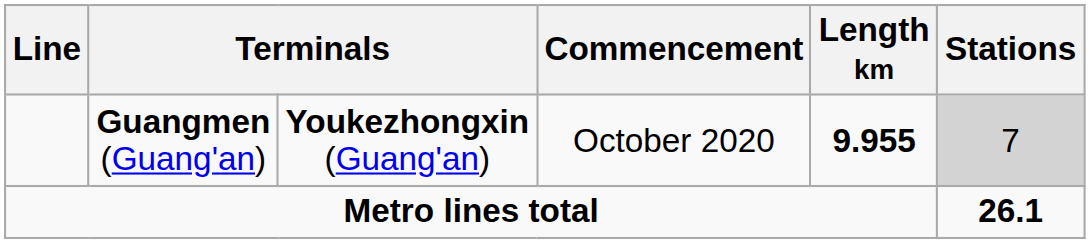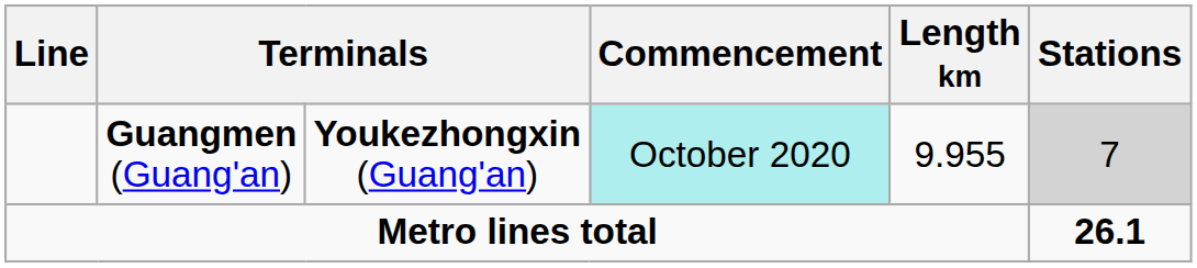 <table class="wikitable sortable">
 <tr>
 <th data-sort-type="text">Line</th>
 <th class="unsortable" colspan="2">Terminals</th>
 <th>Commencement</th>
 <th>Length<br><small>km</small></th>
 <th>Stations</th>
 </tr>
 <tr>
 <td style="text-align:center;"></td>
 <td style="text-align:center;"><strong>Guangmen</strong><br>(<a href='#'>Guang'an</a>)</td>
 <td style="text-align:center;"><strong>Youkezhongxin</strong><br>(<a href='#'>Guang'an</a>)</td>
-<td style="text-align:center;">October 2020</td>
-<td style="text-align:center;"><strong>9.955</strong></td>
+<td style="background: paleturquoise; text-align:center;">October 2020</td>
+<td style="text-align:center;">9.955</td>
 <td style="background: lightgrey; text-align:center;">7</td>
 </tr>
 <tr class="sortbottom">
 <td colspan="5" style="text-align:center;"><strong>Metro lines total</strong></td>
 <td style="text-align:center;"><strong>26.1</strong></td>
 </tr>
 </table>
